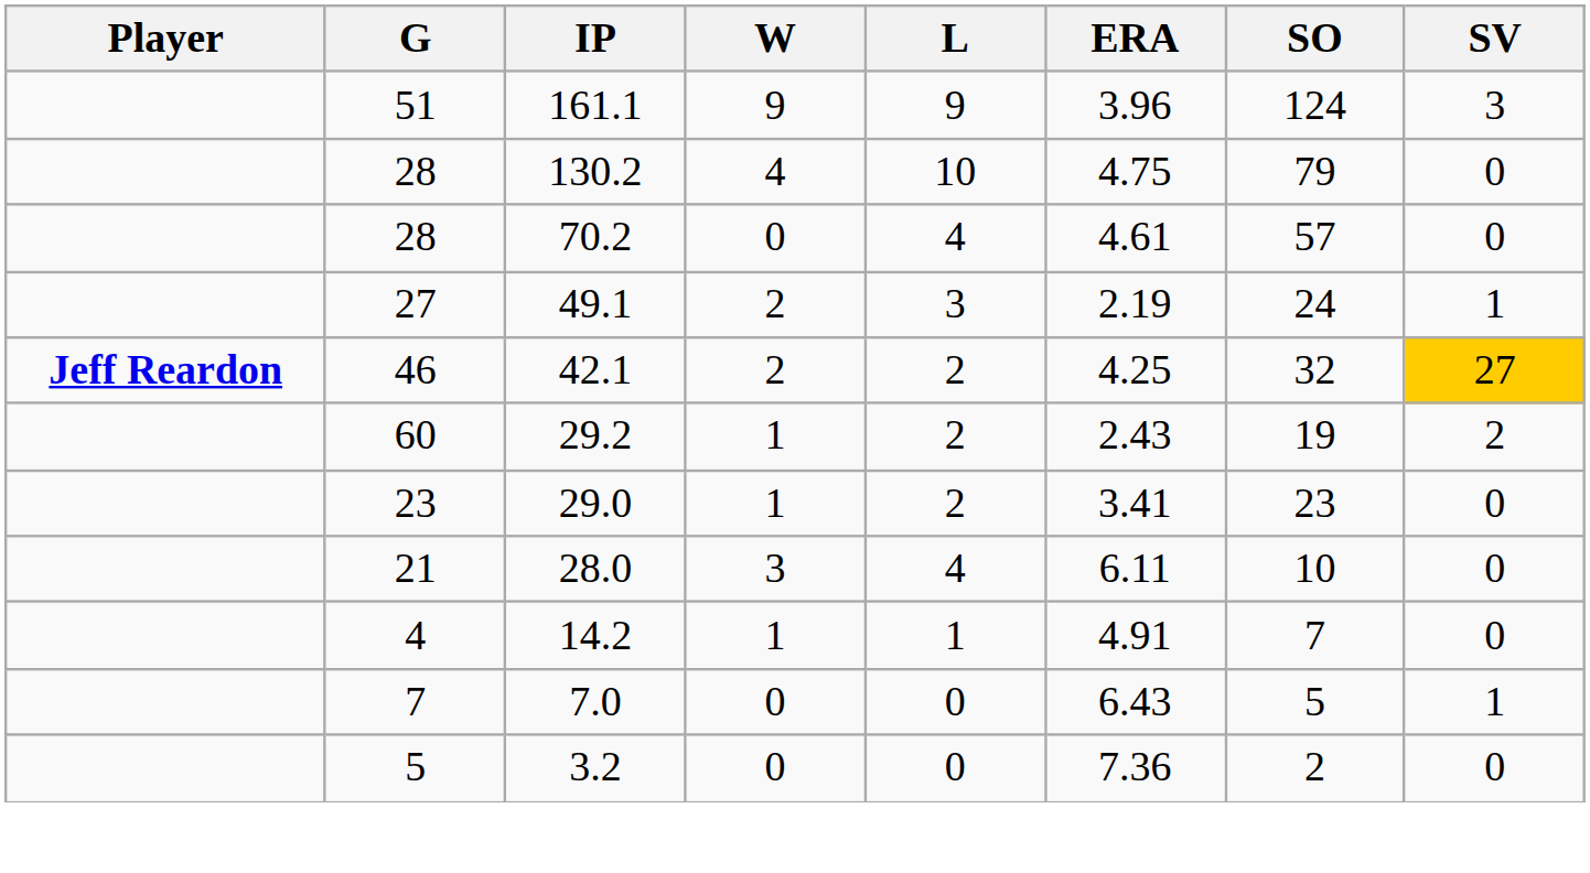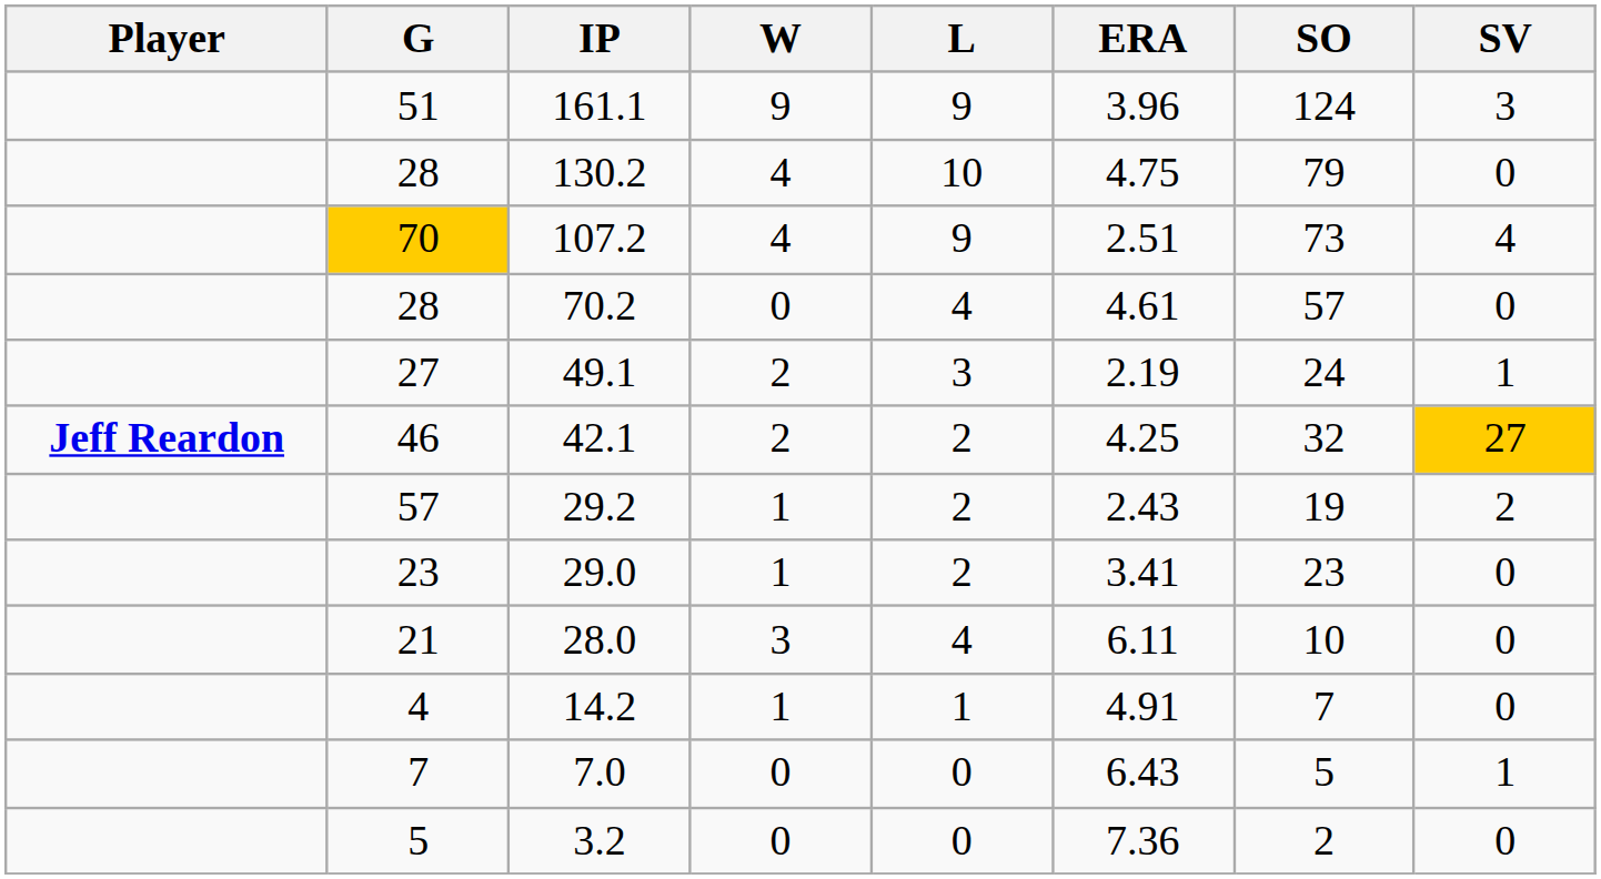 <table class="wikitable sortable">
 <tr>
 <th bgcolor="#DDDDFF" width="16%">Player</th>
 <th bgcolor="#DDDDFF" width="9%">G</th>
 <th bgcolor="#DDDDFF" width="9%">IP</th>
 <th bgcolor="#DDDDFF" width="9%">W</th>
 <th bgcolor="#DDDDFF" width="9%">L</th>
 <th bgcolor="#DDDDFF" width="9%">ERA</th>
 <th bgcolor="#DDDDFF" width="9%">SO</th>
 <th bgcolor="#DDDDFF" width="9%">SV</th>
 </tr>
 <tr align="center">
 <td></td>
 <td>51</td>
 <td>161.1</td>
 <td>9</td>
 <td>9</td>
 <td>3.96</td>
 <td>124</td>
 <td>3</td>
 </tr>
 <tr align=center>
 <td></td>
 <td>28</td>
 <td>130.2</td>
 <td>4</td>
 <td>10</td>
 <td>4.75</td>
 <td>79</td>
 <td>0</td>
 </tr>
 <tr align=center>
 <td></td>
+<td style="background:#fc0;">70</td>
+<td>107.2</td>
+<td>4</td>
+<td>9</td>
+<td>2.51</td>
+<td>73</td>
+<td>4</td>
+</tr>
+<tr align=center>
+<td></td>
 <td>28</td>
 <td>70.2</td>
 <td>0</td>
 <td>4</td>
 <td>4.61</td>
 <td>57</td>
 <td>0</td>
 </tr>
 <tr align=center>
 <td></td>
 <td>27</td>
 <td>49.1</td>
 <td>2</td>
 <td>3</td>
 <td>2.19</td>
 <td>24</td>
 <td>1</td>
 </tr>
 <tr align=center>
 <td><strong><a href='#'>Jeff Reardon</a></strong></td>
 <td>46</td>
 <td>42.1</td>
 <td>2</td>
 <td>2</td>
 <td>4.25</td>
 <td>32</td>
 <td style="background:#fc0;">27</td>
 </tr>
 <tr align=center>
 <td></td>
-<td>60</td>
+<td>57</td>
 <td>29.2</td>
 <td>1</td>
 <td>2</td>
 <td>2.43</td>
 <td>19</td>
 <td>2</td>
 </tr>
 <tr align=center>
 <td></td>
 <td>23</td>
 <td>29.0</td>
 <td>1</td>
 <td>2</td>
 <td>3.41</td>
 <td>23</td>
 <td>0</td>
 </tr>
 <tr align="center">
 <td></td>
 <td>21</td>
 <td>28.0</td>
 <td>3</td>
 <td>4</td>
 <td>6.11</td>
 <td>10</td>
 <td>0</td>
 </tr>
 <tr align="center">
 <td></td>
 <td>4</td>
 <td>14.2</td>
 <td>1</td>
 <td>1</td>
 <td>4.91</td>
 <td>7</td>
 <td>0</td>
 </tr>
 <tr align="center">
 <td></td>
 <td>7</td>
 <td>7.0</td>
 <td>0</td>
 <td>0</td>
 <td>6.43</td>
 <td>5</td>
 <td>1</td>
 </tr>
 <tr align=center>
 <td></td>
 <td>5</td>
 <td>3.2</td>
 <td>0</td>
 <td>0</td>
 <td>7.36</td>
 <td>2</td>
 <td>0</td>
 </tr>
 </table>
